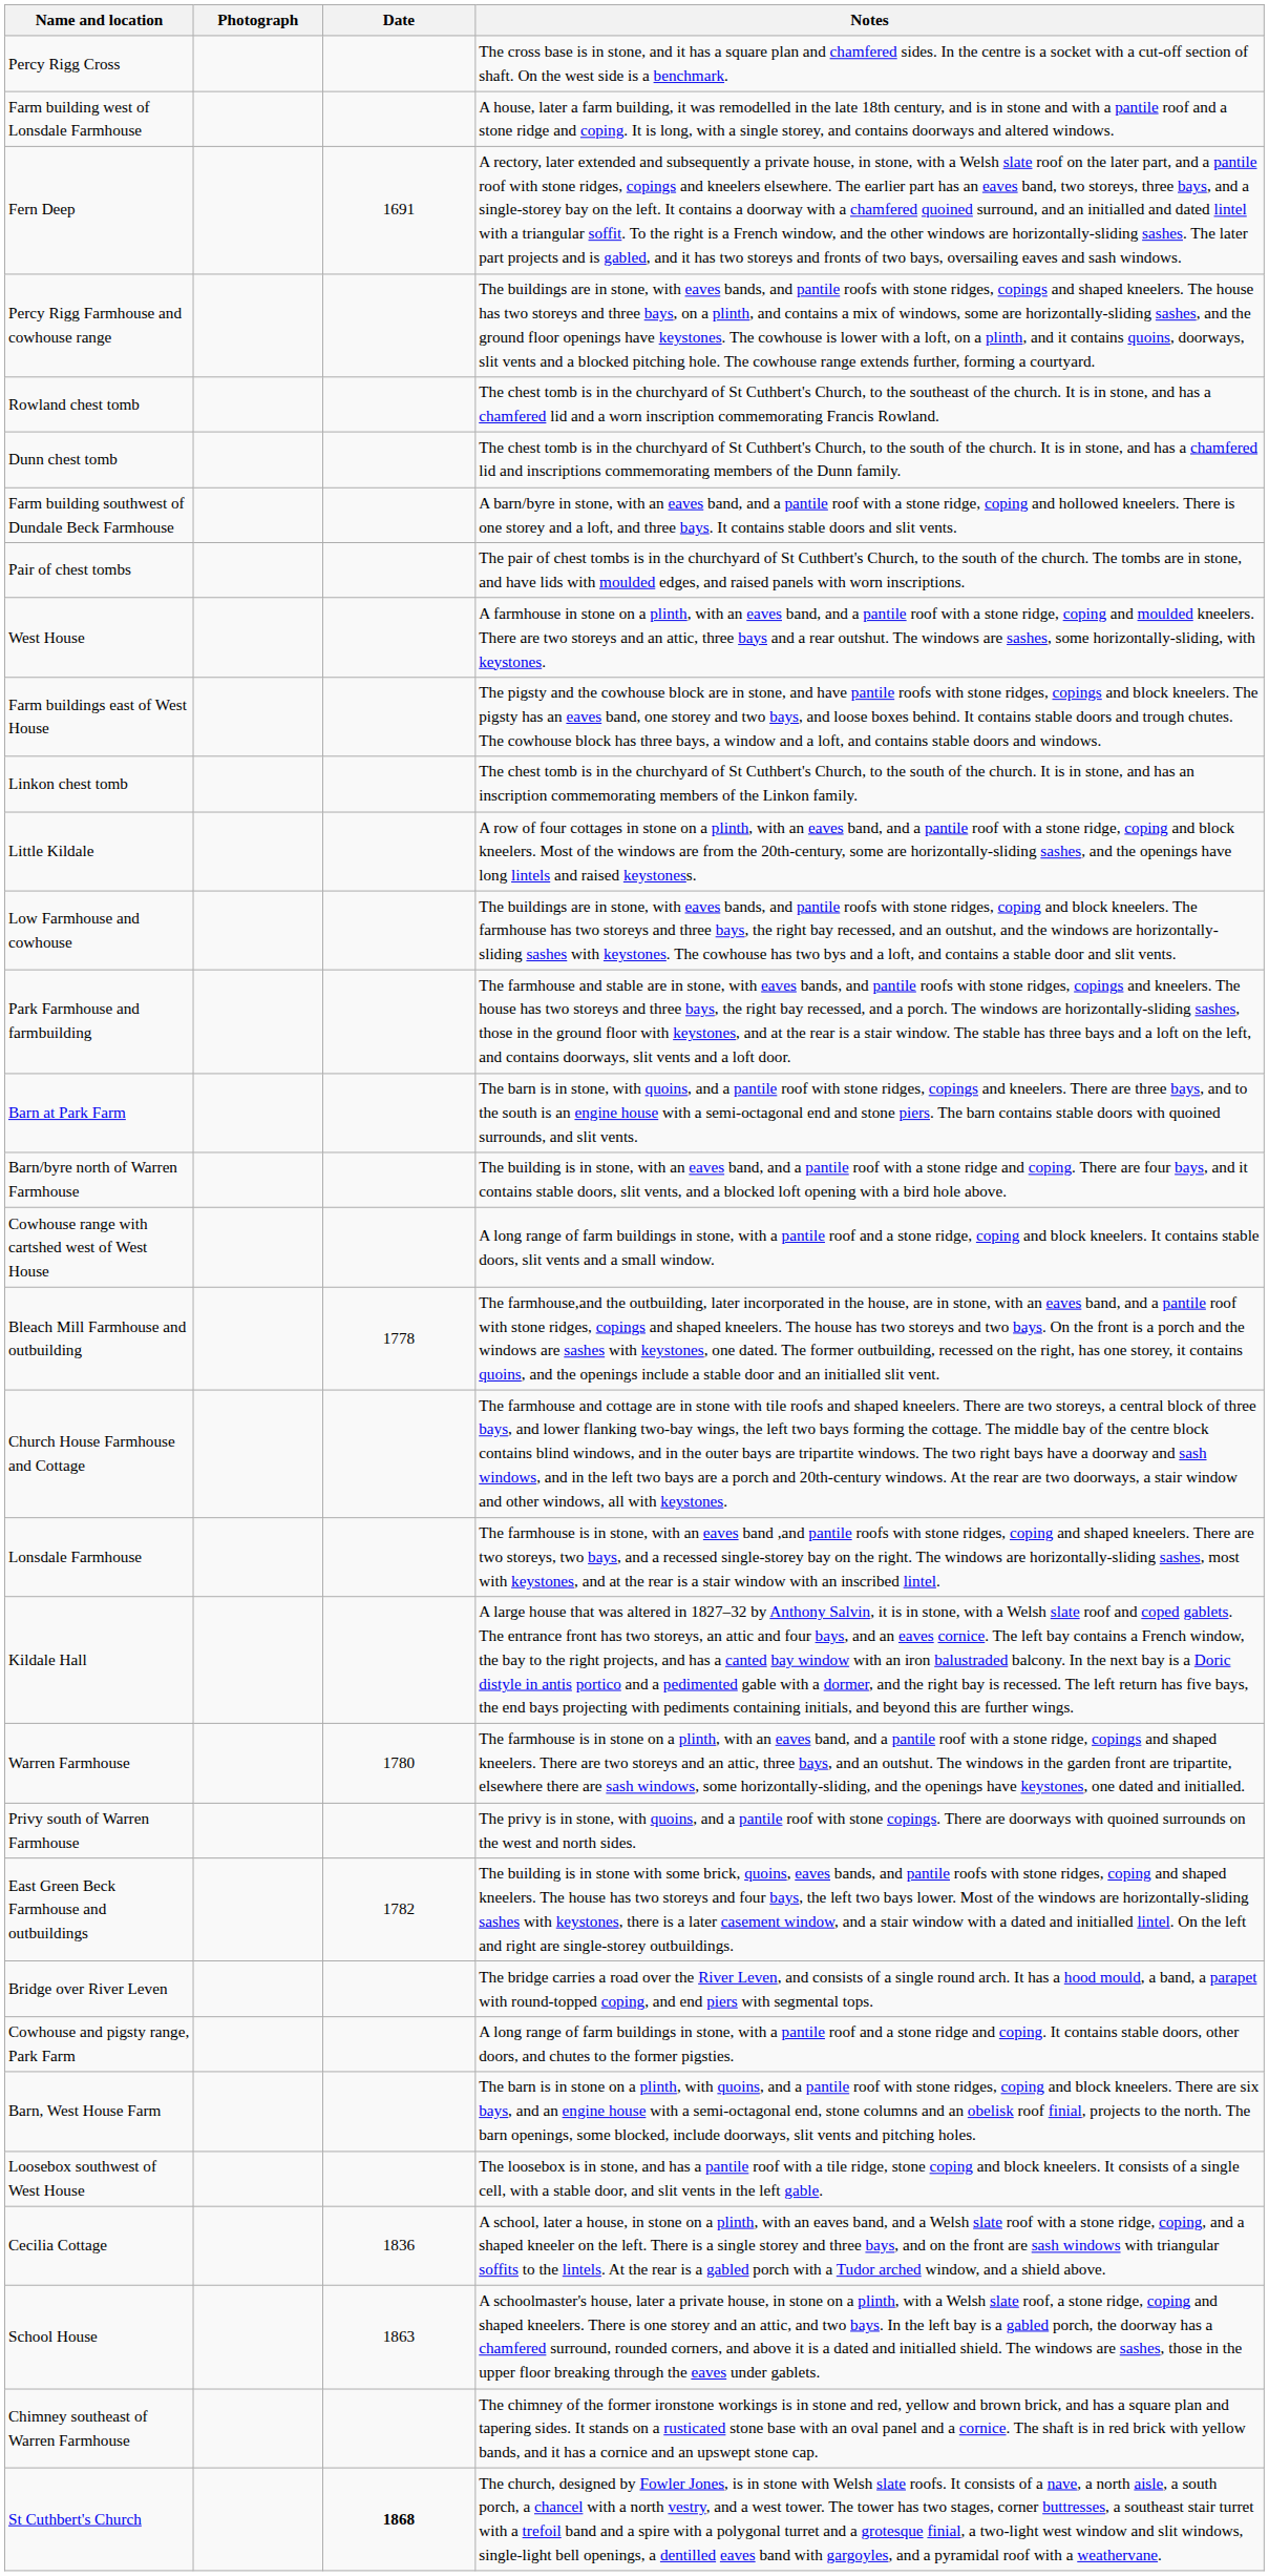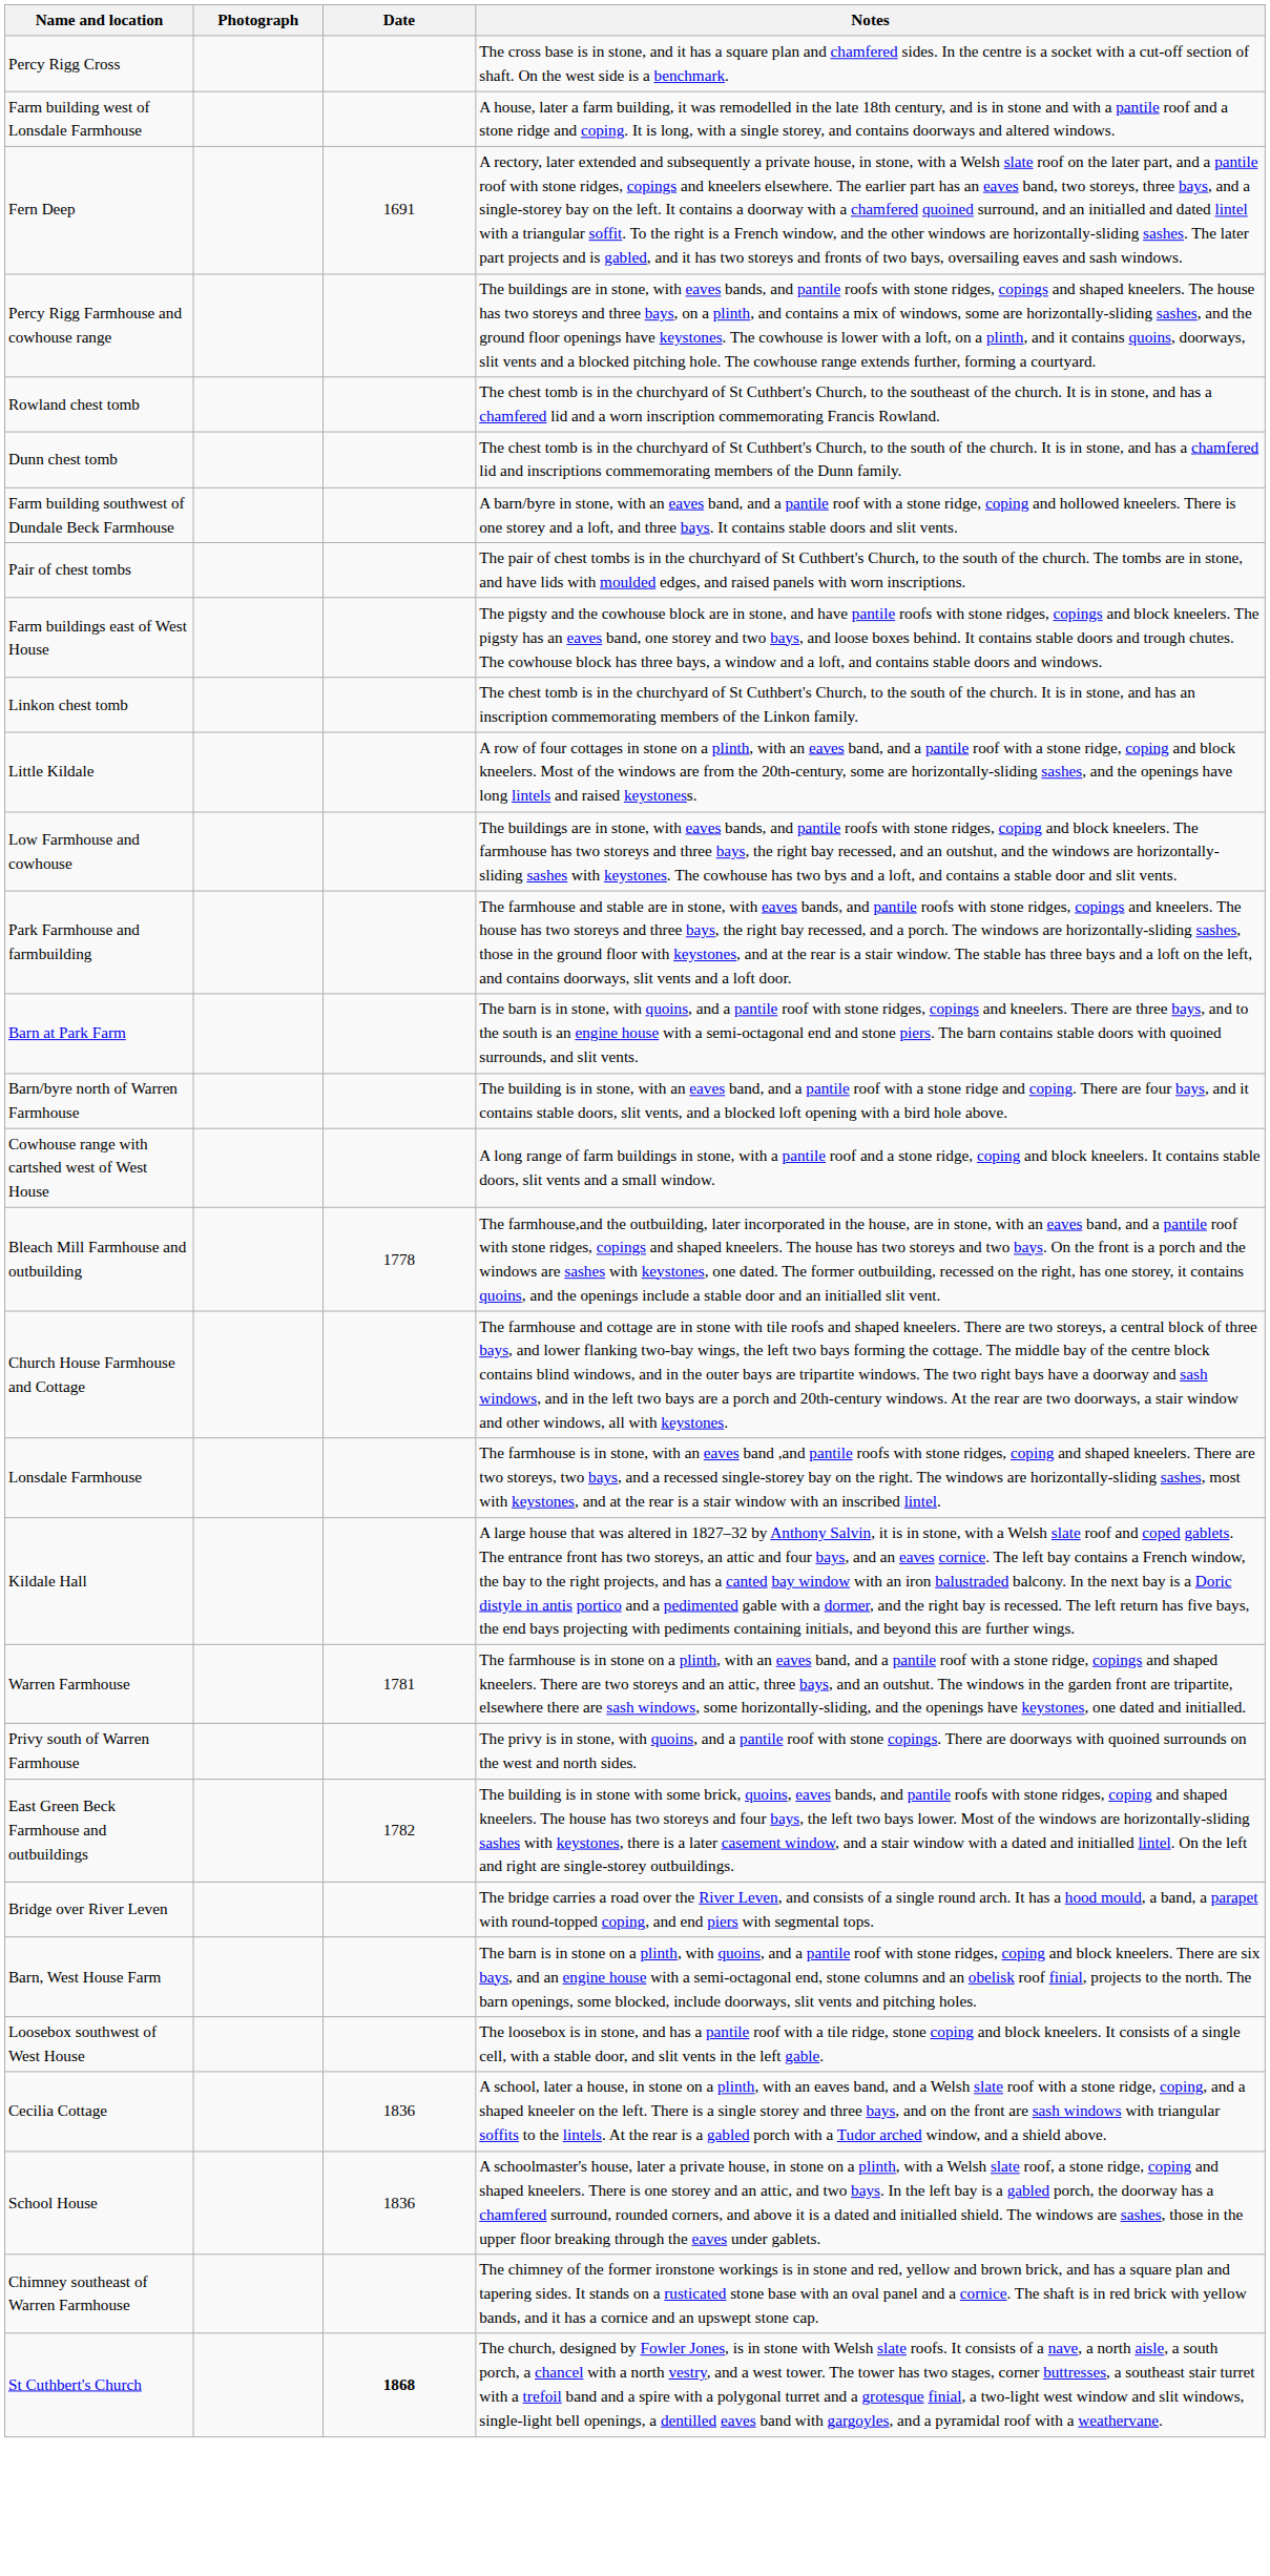 <table class="wikitable sortable plainrowheaders" style="width:100%;border:0px;text-align:left;line-height:150%;">
 <tr>
 <th scope="col"  style="width:150px">Name and location</th>
 <th scope="col"  style="width:100px" class="unsortable">Photograph</th>
 <th scope="col"  style="width:120px">Date</th>
 <th scope="col"  style="width:650px" class="unsortable">Notes</th>
 </tr>
 <tr>
 <td>Percy Rigg Cross<br><small></small></td>
 <td></td>
 <td align="center"></td>
 <td>The cross base is in stone, and it has a square plan and <a href='#'>chamfered</a> sides. In the centre is a socket with a cut-off section of shaft. On the west side is a <a href='#'>benchmark</a>.</td>
 </tr>
 <tr>
 <td>Farm building west of Lonsdale Farmhouse<br><small></small></td>
 <td></td>
 <td align="center"></td>
 <td>A house, later a farm building, it was remodelled in the late 18th century, and is in stone and with a <a href='#'>pantile</a> roof and a stone ridge and <a href='#'>coping</a>.  It is long, with a single storey, and contains doorways and altered windows.</td>
 </tr>
 <tr>
 <td>Fern Deep<br><small></small></td>
 <td></td>
 <td align="center">1691</td>
 <td>A rectory, later extended and subsequently a private house, in stone, with a Welsh <a href='#'>slate</a> roof on the later part, and a <a href='#'>pantile</a> roof with stone ridges, <a href='#'>copings</a> and kneelers elsewhere. The earlier part has an <a href='#'>eaves</a> band, two storeys, three <a href='#'>bays</a>, and a single-storey bay on the left. It contains a doorway with a <a href='#'>chamfered</a> <a href='#'>quoined</a> surround, and an initialled and dated <a href='#'>lintel</a> with a triangular <a href='#'>soffit</a>. To the right is a French window, and the other windows are horizontally-sliding <a href='#'>sashes</a>. The later part projects and is <a href='#'>gabled</a>, and it has two storeys and fronts of two bays, oversailing eaves and sash windows.</td>
 </tr>
 <tr>
 <td>Percy Rigg Farmhouse and cowhouse range<br><small></small></td>
 <td></td>
 <td align="center"></td>
 <td>The buildings are in stone, with <a href='#'>eaves</a> bands, and <a href='#'>pantile</a> roofs with stone ridges, <a href='#'>copings</a> and shaped kneelers. The house has two storeys and three <a href='#'>bays</a>, on a <a href='#'>plinth</a>, and contains a mix of windows, some are horizontally-sliding <a href='#'>sashes</a>, and the ground floor openings have <a href='#'>keystones</a>.  The cowhouse is lower with a loft, on a <a href='#'>plinth</a>, and it contains <a href='#'>quoins</a>, doorways, slit vents and a blocked pitching hole. The cowhouse range extends further, forming a courtyard.</td>
 </tr>
 <tr>
 <td>Rowland chest tomb<br><small></small></td>
 <td></td>
 <td align="center"></td>
 <td>The chest tomb is in the churchyard of St Cuthbert's Church, to the southeast of the church. It is in stone, and has a <a href='#'>chamfered</a> lid and a worn inscription commemorating Francis Rowland.</td>
 </tr>
 <tr>
 <td>Dunn chest tomb<br><small></small></td>
 <td></td>
 <td align="center"></td>
 <td>The chest tomb is in the churchyard of St Cuthbert's Church, to the south of the church. It is in stone, and has a <a href='#'>chamfered</a> lid and inscriptions commemorating members of the Dunn family.</td>
 </tr>
 <tr>
 <td>Farm building southwest of Dundale Beck Farmhouse<br><small></small></td>
 <td></td>
 <td align="center"></td>
 <td>A barn/byre in stone, with an <a href='#'>eaves</a> band, and a <a href='#'>pantile</a> roof with a stone ridge, <a href='#'>coping</a> and hollowed kneelers. There is one storey and a loft, and three <a href='#'>bays</a>.  It contains stable doors and slit vents.</td>
 </tr>
 <tr>
 <td>Pair of chest tombs<br><small></small></td>
 <td></td>
 <td align="center"></td>
 <td>The pair of chest tombs is in the churchyard of St Cuthbert's Church, to the south of the church. The tombs are in stone, and have lids with <a href='#'>moulded</a> edges, and raised panels with worn inscriptions.</td>
-</tr>
-<tr>
-<td>West House<br><small></small></td>
-<td></td>
-<td align="center"></td>
-<td>A farmhouse in stone on a <a href='#'>plinth</a>, with an <a href='#'>eaves</a> band, and a <a href='#'>pantile</a> roof with a stone ridge, <a href='#'>coping</a> and <a href='#'>moulded</a> kneelers. There are two storeys and an attic, three <a href='#'>bays</a> and a rear outshut. The windows are <a href='#'>sashes</a>, some horizontally-sliding, with <a href='#'>keystones</a>.</td>
 </tr>
 <tr>
 <td>Farm buildings east of West House<br><small></small></td>
 <td></td>
 <td align="center"></td>
 <td>The pigsty and the cowhouse block are in stone, and have <a href='#'>pantile</a> roofs with stone ridges, <a href='#'>copings</a> and block kneelers. The pigsty has an <a href='#'>eaves</a> band, one storey and two <a href='#'>bays</a>, and loose boxes behind. It contains stable doors and trough chutes. The cowhouse block has three bays, a window and a loft, and contains stable doors and windows.</td>
 </tr>
 <tr>
 <td>Linkon chest tomb<br><small></small></td>
 <td></td>
 <td align="center"></td>
 <td>The chest tomb is in the churchyard of St Cuthbert's Church, to the south of the church. It is in stone, and has an inscription commemorating members of the Linkon family.</td>
 </tr>
 <tr>
 <td>Little Kildale<br><small></small></td>
 <td></td>
 <td align="center"></td>
 <td>A row of four cottages in stone on a <a href='#'>plinth</a>, with an <a href='#'>eaves</a> band, and a <a href='#'>pantile</a> roof with a stone ridge, <a href='#'>coping</a> and block kneelers. Most of the windows are from the 20th-century, some are horizontally-sliding <a href='#'>sashes</a>, and the openings have long <a href='#'>lintels</a> and raised <a href='#'>keystones</a>s.</td>
 </tr>
 <tr>
 <td>Low Farmhouse and cowhouse<br><small></small></td>
 <td></td>
 <td align="center"></td>
 <td>The buildings are in stone, with <a href='#'>eaves</a> bands, and <a href='#'>pantile</a> roofs with stone ridges, <a href='#'>coping</a> and block kneelers. The farmhouse has two storeys and three <a href='#'>bays</a>, the right bay recessed, and an outshut, and the windows are horizontally-sliding <a href='#'>sashes</a> with <a href='#'>keystones</a>. The cowhouse has two bys and a loft, and contains a stable door and slit vents.</td>
 </tr>
 <tr>
 <td>Park Farmhouse and farmbuilding<br><small></small></td>
 <td></td>
 <td align="center"></td>
 <td>The farmhouse and stable are in stone, with <a href='#'>eaves</a> bands, and <a href='#'>pantile</a> roofs with stone ridges, <a href='#'>copings</a> and kneelers. The house has two storeys and three <a href='#'>bays</a>, the right bay recessed, and a porch. The windows are horizontally-sliding <a href='#'>sashes</a>, those in the ground floor with <a href='#'>keystones</a>, and at the rear is a stair window. The stable has three bays and a loft on the left, and contains doorways, slit vents and a loft door.</td>
 </tr>
 <tr>
 <td><a href='#'>Barn at Park Farm</a><br><small></small></td>
 <td></td>
 <td align="center"></td>
 <td>The barn is in stone, with <a href='#'>quoins</a>, and a <a href='#'>pantile</a> roof with stone ridges, <a href='#'>copings</a> and kneelers. There are three <a href='#'>bays</a>, and to the south is an <a href='#'>engine house</a> with a semi-octagonal end and stone <a href='#'>piers</a>. The barn contains stable doors with quoined surrounds, and slit vents.</td>
 </tr>
 <tr>
 <td>Barn/byre north of Warren Farmhouse<br><small></small></td>
 <td></td>
 <td align="center"></td>
 <td>The building is in stone, with an <a href='#'>eaves</a> band, and a <a href='#'>pantile</a> roof with a stone ridge and <a href='#'>coping</a>. There are four <a href='#'>bays</a>, and it contains stable doors, slit vents, and a blocked loft opening with a bird hole above.</td>
 </tr>
 <tr>
 <td>Cowhouse range with cartshed west of West House<br><small></small></td>
 <td></td>
 <td align="center"></td>
 <td>A long range of farm buildings in stone, with a <a href='#'>pantile</a> roof and a stone ridge, <a href='#'>coping</a> and block kneelers. It contains stable doors, slit vents and a small window.</td>
 </tr>
 <tr>
 <td>Bleach Mill Farmhouse and outbuilding<br><small></small></td>
 <td></td>
 <td align="center">1778</td>
 <td>The farmhouse,and the outbuilding, later incorporated in the house, are in stone, with an <a href='#'>eaves</a> band, and a <a href='#'>pantile</a> roof with stone ridges, <a href='#'>copings</a> and shaped kneelers. The house has two storeys and two <a href='#'>bays</a>. On the front is a porch and the windows are <a href='#'>sashes</a> with <a href='#'>keystones</a>, one dated. The former outbuilding, recessed on the right, has one storey, it contains <a href='#'>quoins</a>, and the openings include a stable door and an initialled slit vent.</td>
 </tr>
 <tr>
 <td>Church House Farmhouse and Cottage<br><small></small></td>
 <td></td>
 <td align="center"></td>
 <td>The farmhouse and cottage are in stone with tile roofs and shaped kneelers. There are two storeys, a central block of three <a href='#'>bays</a>, and lower flanking two-bay wings, the left two bays forming the cottage. The middle bay of the centre block contains blind windows, and in the outer bays are tripartite windows. The two right bays have a doorway and <a href='#'>sash windows</a>, and in the left two bays are a porch and 20th-century windows. At the rear are two doorways, a stair window and other windows, all with <a href='#'>keystones</a>.</td>
 </tr>
 <tr>
 <td>Lonsdale Farmhouse<br><small></small></td>
 <td></td>
 <td align="center"></td>
 <td>The farmhouse is in stone, with an <a href='#'>eaves</a> band ,and <a href='#'>pantile</a> roofs with stone ridges, <a href='#'>coping</a> and shaped kneelers. There are two storeys, two <a href='#'>bays</a>, and a recessed single-storey bay on the right. The windows are horizontally-sliding <a href='#'>sashes</a>, most with <a href='#'>keystones</a>, and at the rear is a stair window with an inscribed <a href='#'>lintel</a>.</td>
 </tr>
 <tr>
 <td>Kildale Hall<br><small></small></td>
 <td></td>
 <td align="center"></td>
 <td>A large house that was altered in 1827–32 by <a href='#'>Anthony Salvin</a>, it is in stone, with a Welsh <a href='#'>slate</a> roof and <a href='#'>coped</a> <a href='#'>gablets</a>. The entrance front has two storeys, an attic and four <a href='#'>bays</a>, and an <a href='#'>eaves</a> <a href='#'>cornice</a>. The left bay contains a French window, the bay to the right projects, and has a <a href='#'>canted</a> <a href='#'>bay window</a> with an iron <a href='#'>balustraded</a> balcony. In the next bay is a <a href='#'>Doric</a> <a href='#'>distyle in antis</a> <a href='#'>portico</a> and a <a href='#'>pedimented</a> gable with a <a href='#'>dormer</a>, and the right bay is recessed. The left return has five bays, the end bays projecting with pediments containing initials, and beyond this are further wings.</td>
 </tr>
 <tr>
 <td>Warren Farmhouse<br><small></small></td>
 <td></td>
-<td align="center">1780</td>
+<td align="center">1781</td>
 <td>The farmhouse is in stone on a <a href='#'>plinth</a>, with an <a href='#'>eaves</a> band, and a <a href='#'>pantile</a> roof with a stone ridge, <a href='#'>copings</a> and shaped kneelers. There are two storeys and an attic, three <a href='#'>bays</a>, and an outshut. The windows in the garden front are tripartite, elsewhere there are <a href='#'>sash windows</a>, some horizontally-sliding, and the openings have <a href='#'>keystones</a>, one dated and initialled.</td>
 </tr>
 <tr>
 <td>Privy south of Warren Farmhouse<br><small></small></td>
 <td></td>
 <td align="center"></td>
 <td>The privy is in stone, with <a href='#'>quoins</a>, and a <a href='#'>pantile</a> roof with stone <a href='#'>copings</a>. There are doorways with quoined surrounds on the west and north sides.</td>
 </tr>
 <tr>
 <td>East Green Beck Farmhouse and outbuildings<br><small></small></td>
 <td></td>
 <td align="center">1782</td>
 <td>The building is in stone with some brick, <a href='#'>quoins</a>, <a href='#'>eaves</a> bands, and <a href='#'>pantile</a> roofs with stone ridges, <a href='#'>coping</a> and shaped kneelers. The house has two storeys and four <a href='#'>bays</a>, the left two bays lower. Most of the windows are horizontally-sliding <a href='#'>sashes</a> with <a href='#'>keystones</a>, there is a later <a href='#'>casement window</a>, and a stair window with a dated and initialled <a href='#'>lintel</a>. On the left and right are single-storey outbuildings.</td>
 </tr>
 <tr>
 <td>Bridge over River Leven<br><small></small></td>
 <td></td>
 <td align="center"></td>
 <td>The bridge carries a road over the <a href='#'>River Leven</a>, and consists of a single round arch. It has a <a href='#'>hood mould</a>, a band, a <a href='#'>parapet</a> with round-topped <a href='#'>coping</a>, and end <a href='#'>piers</a> with segmental tops.</td>
-</tr>
-<tr>
-<td>Cowhouse and pigsty range, Park Farm<br><small></small></td>
-<td></td>
-<td align="center"></td>
-<td>A long range of farm buildings in stone, with a <a href='#'>pantile</a> roof and a stone ridge and <a href='#'>coping</a>. It contains stable doors, other doors, and chutes to the former pigsties.</td>
 </tr>
 <tr>
 <td>Barn, West House Farm<br><small></small></td>
 <td></td>
 <td align="center"></td>
 <td>The barn is in stone on a <a href='#'>plinth</a>, with <a href='#'>quoins</a>, and a <a href='#'>pantile</a> roof with stone ridges, <a href='#'>coping</a> and block kneelers. There are six <a href='#'>bays</a>, and an <a href='#'>engine house</a> with a semi-octagonal end, stone columns and an <a href='#'>obelisk</a> roof <a href='#'>finial</a>, projects to the north. The barn openings, some blocked, include doorways, slit vents and pitching holes.</td>
 </tr>
 <tr>
 <td>Loosebox southwest of West House<br><small></small></td>
 <td></td>
 <td align="center"></td>
 <td>The loosebox is in stone, and has a <a href='#'>pantile</a> roof with a tile ridge, stone <a href='#'>coping</a> and block kneelers. It consists of a single cell, with a stable door, and slit vents in the left <a href='#'>gable</a>.</td>
 </tr>
 <tr>
 <td>Cecilia Cottage<br><small></small></td>
 <td></td>
 <td align="center">1836</td>
 <td>A school, later a house, in stone on a <a href='#'>plinth</a>, with an eaves band, and a Welsh <a href='#'>slate</a> roof with a stone ridge, <a href='#'>coping</a>, and a shaped kneeler on the left. There is a single storey and three <a href='#'>bays</a>, and on the front are <a href='#'>sash windows</a> with triangular <a href='#'>soffits</a> to the <a href='#'>lintels</a>. At the rear is a <a href='#'>gabled</a> porch with a <a href='#'>Tudor arched</a> window, and a shield above.</td>
 </tr>
 <tr>
 <td>School House<br><small></small></td>
 <td></td>
-<td align="center">1863</td>
+<td align="center">1836</td>
 <td>A schoolmaster's house, later a private house, in stone on a <a href='#'>plinth</a>, with a Welsh <a href='#'>slate</a> roof, a stone ridge, <a href='#'>coping</a> and shaped kneelers.  There is one storey and an attic, and two <a href='#'>bays</a>. In the left bay is a <a href='#'>gabled</a> porch, the doorway has a <a href='#'>chamfered</a> surround, rounded corners, and above it is a dated and initialled shield. The windows are <a href='#'>sashes</a>, those in the upper floor breaking through the <a href='#'>eaves</a> under gablets.</td>
 </tr>
 <tr>
 <td>Chimney southeast of Warren Farmhouse<br><small></small></td>
 <td></td>
 <td align="center"></td>
 <td>The chimney of the former ironstone workings is in stone and red, yellow and brown brick, and has a square plan and tapering sides. It stands on a <a href='#'>rusticated</a> stone base with an oval panel and a <a href='#'>cornice</a>. The shaft is in red brick with yellow bands, and it has a cornice and an upswept stone cap.</td>
 </tr>
 <tr>
 <td><a href='#'>St Cuthbert's Church</a><br><small></small></td>
 <td></td>
 <td align="center"><strong>1868</strong></td>
 <td>The church, designed by <a href='#'>Fowler Jones</a>, is in stone with Welsh <a href='#'>slate</a> roofs. It consists of a <a href='#'>nave</a>, a north <a href='#'>aisle</a>, a south porch, a <a href='#'>chancel</a> with a north <a href='#'>vestry</a>, and a west tower. The tower has two stages, corner <a href='#'>buttresses</a>, a southeast stair turret with a <a href='#'>trefoil</a> band and a spire with a polygonal turret and a <a href='#'>grotesque</a> <a href='#'>finial</a>, a two-light west window and slit windows, single-light bell openings, a <a href='#'>dentilled</a> <a href='#'>eaves</a> band with <a href='#'>gargoyles</a>, and a pyramidal roof with a <a href='#'>weathervane</a>.</td>
 </tr>
 <tr>
 </tr>
 </table>
